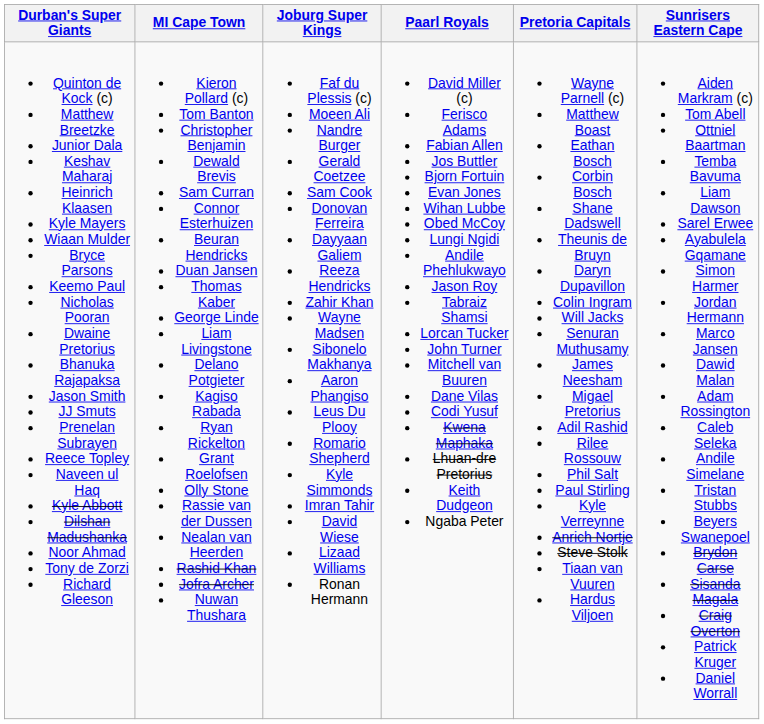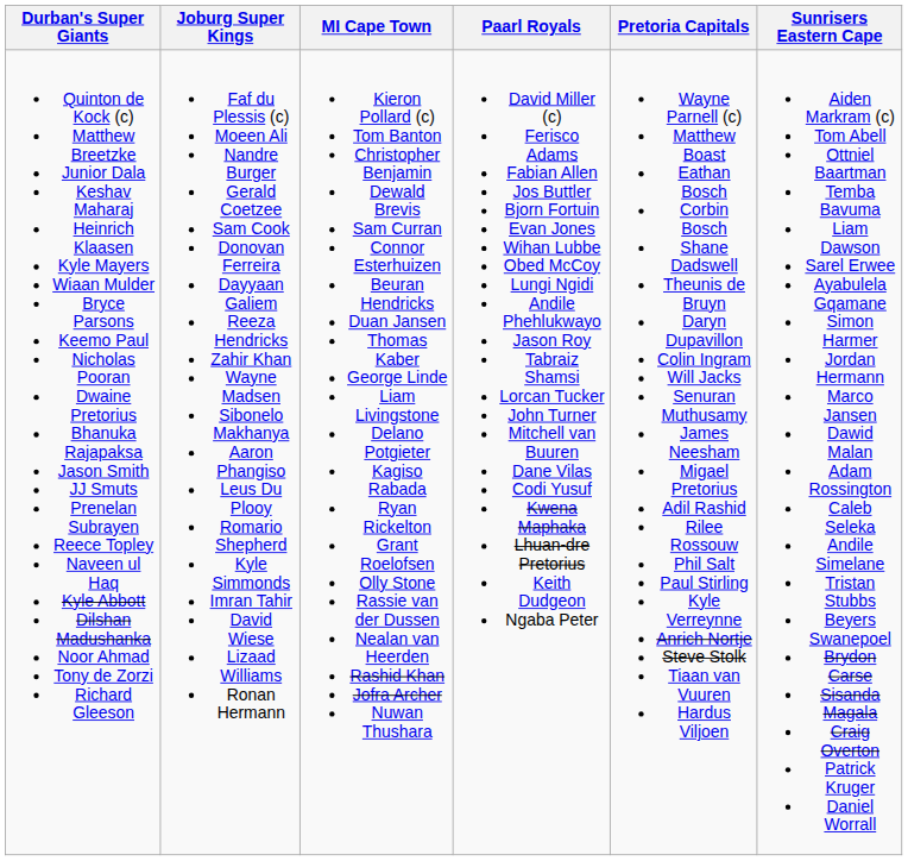 <table class="wikitable"style="text-align:center;">
 <tr>
 <th><a href='#'>Durban's Super Giants</a></th>
+<th><a href='#'>Joburg Super Kings</a></th>
 <th><a href='#'>MI Cape Town</a></th>
-<th><a href='#'>Joburg Super Kings</a></th>
 <th><a href='#'>Paarl Royals</a></th>
 <th><a href='#'>Pretoria Capitals</a></th>
 <th><a href='#'>Sunrisers Eastern Cape</a></th>
 </tr>
 <tr>
 <td valign="top"><br><ul><li><a href='#'>Quinton de Kock</a> (c)</li><li><a href='#'>Matthew Breetzke</a></li><li><a href='#'>Junior Dala</a></li><li><a href='#'>Keshav Maharaj</a></li><li><a href='#'>Heinrich Klaasen</a></li><li><a href='#'>Kyle Mayers</a></li><li><a href='#'>Wiaan Mulder</a></li><li><a href='#'>Bryce Parsons</a></li><li><a href='#'>Keemo Paul</a></li><li><a href='#'>Nicholas Pooran</a></li><li><a href='#'>Dwaine Pretorius</a></li><li><a href='#'>Bhanuka Rajapaksa</a></li><li><a href='#'>Jason Smith</a></li><li><a href='#'>JJ Smuts</a></li><li><a href='#'>Prenelan Subrayen</a></li><li><a href='#'>Reece Topley</a></li><li><a href='#'>Naveen ul Haq</a></li><li><s><a href='#'>Kyle Abbott</a></s></li><li><s><a href='#'>Dilshan Madushanka</a></s></li><li><a href='#'>Noor Ahmad</a></li><li><a href='#'>Tony de Zorzi</a></li><li><a href='#'>Richard Gleeson</a></li></ul></td>
+<td valign="top"><br><ul><li><a href='#'>Faf du Plessis</a> (c)</li><li><a href='#'>Moeen Ali</a></li><li><a href='#'>Nandre Burger</a></li><li><a href='#'>Gerald Coetzee</a></li><li><a href='#'>Sam Cook</a></li><li><a href='#'>Donovan Ferreira</a></li><li><a href='#'>Dayyaan Galiem</a></li><li><a href='#'>Reeza Hendricks</a></li><li><a href='#'>Zahir Khan</a></li><li><a href='#'>Wayne Madsen</a></li><li><a href='#'>Sibonelo Makhanya</a></li><li><a href='#'>Aaron Phangiso</a></li><li><a href='#'>Leus Du Plooy</a></li><li><a href='#'>Romario Shepherd</a></li><li><a href='#'>Kyle Simmonds</a></li><li><a href='#'>Imran Tahir</a></li><li><a href='#'>David Wiese</a></li><li><a href='#'>Lizaad Williams</a></li><li>Ronan Hermann</li></ul></td>
 <td valign="top"><br><ul><li><a href='#'>Kieron Pollard</a> (c)</li><li><a href='#'>Tom Banton</a></li><li><a href='#'>Christopher Benjamin</a></li><li><a href='#'>Dewald Brevis</a></li><li><a href='#'>Sam Curran</a></li><li><a href='#'>Connor Esterhuizen</a></li><li><a href='#'>Beuran Hendricks</a></li><li><a href='#'>Duan Jansen</a></li><li><a href='#'>Thomas Kaber</a></li><li><a href='#'>George Linde</a></li><li><a href='#'>Liam Livingstone</a></li><li><a href='#'>Delano Potgieter</a></li><li><a href='#'>Kagiso Rabada</a></li><li><a href='#'>Ryan Rickelton</a></li><li><a href='#'>Grant Roelofsen</a></li><li><a href='#'>Olly Stone</a></li><li><a href='#'>Rassie van der Dussen</a></li><li><a href='#'>Nealan van Heerden</a></li><li><s><a href='#'>Rashid Khan</a></s></li><li><s><a href='#'>Jofra Archer</a></s></li><li><a href='#'>Nuwan Thushara</a></li></ul></td>
-<td valign="top"><br><ul><li><a href='#'>Faf du Plessis</a> (c)</li><li><a href='#'>Moeen Ali</a></li><li><a href='#'>Nandre Burger</a></li><li><a href='#'>Gerald Coetzee</a></li><li><a href='#'>Sam Cook</a></li><li><a href='#'>Donovan Ferreira</a></li><li><a href='#'>Dayyaan Galiem</a></li><li><a href='#'>Reeza Hendricks</a></li><li><a href='#'>Zahir Khan</a></li><li><a href='#'>Wayne Madsen</a></li><li><a href='#'>Sibonelo Makhanya</a></li><li><a href='#'>Aaron Phangiso</a></li><li><a href='#'>Leus Du Plooy</a></li><li><a href='#'>Romario Shepherd</a></li><li><a href='#'>Kyle Simmonds</a></li><li><a href='#'>Imran Tahir</a></li><li><a href='#'>David Wiese</a></li><li><a href='#'>Lizaad Williams</a></li><li>Ronan Hermann</li></ul></td>
 <td valign="top"><br><ul><li><a href='#'>David Miller</a> (c)</li><li><a href='#'>Ferisco Adams</a></li><li><a href='#'>Fabian Allen</a></li><li><a href='#'>Jos Buttler</a></li><li><a href='#'>Bjorn Fortuin</a></li><li><a href='#'>Evan Jones</a></li><li><a href='#'>Wihan Lubbe</a></li><li><a href='#'>Obed McCoy</a></li><li><a href='#'>Lungi Ngidi</a></li><li><a href='#'>Andile Phehlukwayo</a></li><li><a href='#'>Jason Roy</a></li><li><a href='#'>Tabraiz Shamsi</a></li><li><a href='#'>Lorcan Tucker</a></li><li><a href='#'>John Turner</a></li><li><a href='#'>Mitchell van Buuren</a></li><li><a href='#'>Dane Vilas</a></li><li><a href='#'>Codi Yusuf</a></li><li><s><a href='#'>Kwena Maphaka</a></s></li><li><s>Lhuan-dre Pretorius</s></li><li><a href='#'>Keith Dudgeon</a></li><li>Ngaba Peter</li></ul></td>
 <td valign="top"><br><ul><li><a href='#'>Wayne Parnell</a> (c)</li><li><a href='#'>Matthew Boast</a></li><li><a href='#'>Eathan Bosch</a></li><li><a href='#'>Corbin Bosch</a></li><li><a href='#'>Shane Dadswell</a></li><li><a href='#'>Theunis de Bruyn</a></li><li><a href='#'>Daryn Dupavillon</a></li><li><a href='#'>Colin Ingram</a></li><li><a href='#'>Will Jacks</a></li><li><a href='#'>Senuran Muthusamy</a></li><li><a href='#'>James Neesham</a></li><li><a href='#'>Migael Pretorius</a></li><li><a href='#'>Adil Rashid</a></li><li><a href='#'>Rilee Rossouw</a></li><li><a href='#'>Phil Salt</a></li><li><a href='#'>Paul Stirling</a></li><li><a href='#'>Kyle Verreynne</a></li><li><s><a href='#'>Anrich Nortje</a></s></li><li><s>Steve Stolk</s></li><li><a href='#'>Tiaan van Vuuren</a></li><li><a href='#'>Hardus Viljoen</a></li></ul></td>
 <td valign="top"><br><ul><li><a href='#'>Aiden Markram</a> (c)</li><li><a href='#'>Tom Abell</a></li><li><a href='#'>Ottniel Baartman</a></li><li><a href='#'>Temba Bavuma</a></li><li><a href='#'>Liam Dawson</a></li><li><a href='#'>Sarel Erwee</a></li><li><a href='#'>Ayabulela Gqamane</a></li><li><a href='#'>Simon Harmer</a></li><li><a href='#'>Jordan Hermann</a></li><li><a href='#'>Marco Jansen</a></li><li><a href='#'>Dawid Malan</a></li><li><a href='#'>Adam Rossington</a></li><li><a href='#'>Caleb Seleka</a></li><li><a href='#'>Andile Simelane</a></li><li><a href='#'>Tristan Stubbs</a></li><li><a href='#'>Beyers Swanepoel</a></li><li><s><a href='#'>Brydon Carse</a></s></li><li><s><a href='#'>Sisanda Magala</a></s></li><li><s><a href='#'>Craig Overton</a></s></li><li><a href='#'>Patrick Kruger</a></li><li><a href='#'>Daniel Worrall</a></li></ul></td>
 </tr>
 </table>
